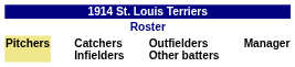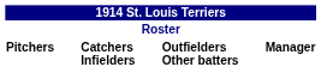 <table class="toccolours" style="font-size: 95%;">
 <tr>
 <th colspan="10" style="background-color: #000080; color: white; text-align: center;">1914 St. Louis Terriers</th>
 </tr>
 <tr>
 <td colspan="10" style="background-color: white; color: #000080; text-align: center;"><strong>Roster</strong></td>
 </tr>
 <tr>
-<td valign="top" style="background: khaki;"><strong>Pitchers</strong><br>       </td>
+<td valign="top"><strong>Pitchers</strong><br>       </td>
 <td width="25px"></td>
 <td valign="top"><strong>Catchers</strong><br>   <strong>Infielders</strong>        </td>
 <td width="25px"></td>
 <td valign="top"><strong>Outfielders</strong><br>     <strong>Other batters</strong> </td>
 <td width="25px"></td>
 <td valign="top"><strong>Manager</strong><br> </td>
 </tr>
 </table>
